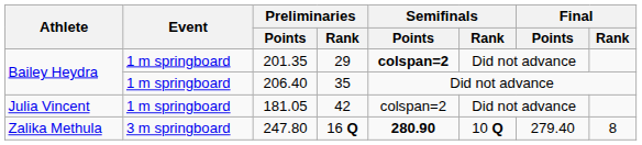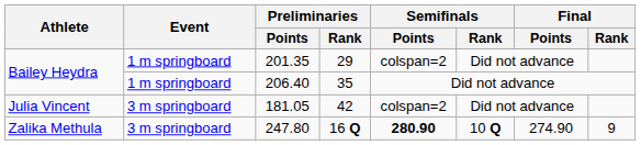 <table class="wikitable" style="text-align:center; font-size:90%; width:50%;">
 <tr>
 <th rowspan=2>Athlete</th>
 <th rowspan=2>Event</th>
 <th colspan=2>Preliminaries</th>
 <th colspan=2>Semifinals</th>
 <th colspan=2>Final</th>
 </tr>
 <tr style="font-size:95%">
 <th>Points</th>
 <th>Rank</th>
 <th>Points</th>
 <th>Rank</th>
 <th>Points</th>
 <th>Rank</th>
 </tr>
 <tr>
 <td align=left rowspan=2><a href='#'>Bailey Heydra</a></td>
 <td align=left><a href='#'>1 m springboard</a></td>
 <td>201.35</td>
 <td>29</td>
-<td><strong>colspan=2 </strong></td>
+<td>colspan=2 </td>
 <td colspan=2>Did not advance</td>
 </tr>
 <tr>
 <td align=left><a href='#'>1 m springboard</a></td>
 <td>206.40</td>
 <td>35</td>
 <td colspan=4>Did not advance</td>
 </tr>
 <tr>
 <td align=left><a href='#'>Julia Vincent</a></td>
-<td align=left><a href='#'>1 m springboard</a></td>
+<td align=left><a href='#'>3 m springboard</a></td>
 <td>181.05</td>
 <td>42</td>
 <td>colspan=2 </td>
 <td colspan=2>Did not advance</td>
 </tr>
 <tr>
 <td align=left><a href='#'>Zalika Methula</a></td>
 <td align=left><a href='#'>3 m springboard</a></td>
 <td>247.80</td>
 <td>16 <strong>Q</strong></td>
 <td><strong>280.90</strong></td>
 <td>10 <strong>Q</strong></td>
-<td>279.40</td>
-<td>8</td>
+<td>274.90</td>
+<td>9</td>
 </tr>
 </table>
